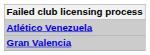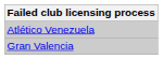 <table class="wikitable">
 <tr>
 <th colspan=3>Failed club licensing process</th>
 </tr>
 <tr bgcolor=#CCCCCC>
-<td><strong><a href='#'>Atlético Venezuela</a></strong></td>
+<td><a href='#'>Atlético Venezuela</a></td>
 </tr>
 <tr bgcolor=#CCCCCC>
-<td><strong><a href='#'>Gran Valencia</a></strong></td>
+<td><a href='#'>Gran Valencia</a></td>
 </tr>
 </table>
